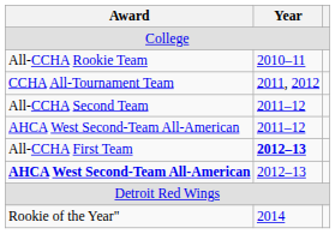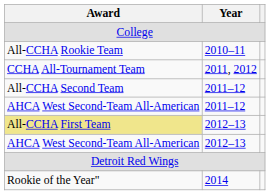 <table class="wikitable">
 <tr>
 <th>Award</th>
 <th>Year</th>
 <th></th>
 </tr>
 <tr ALIGN="center" bgcolor="#e0e0e0">
 <td colspan="3"><a href='#'>College</a></td>
 </tr>
 <tr>
 <td>All-<a href='#'>CCHA</a> <a href='#'>Rookie Team</a></td>
 <td><a href='#'>2010–11</a></td>
 <td></td>
 </tr>
 <tr>
 <td><a href='#'>CCHA</a> <a href='#'>All-Tournament Team</a></td>
 <td><a href='#'>2011</a>,  <a href='#'>2012</a></td>
 <td></td>
 </tr>
 <tr>
 <td>All-<a href='#'>CCHA</a> <a href='#'>Second Team</a></td>
 <td><a href='#'>2011–12</a></td>
 <td></td>
 </tr>
 <tr>
 <td><a href='#'>AHCA</a> <a href='#'>West Second-Team All-American</a></td>
 <td><a href='#'>2011–12</a></td>
 <td></td>
 </tr>
 <tr>
-<td>All-<a href='#'>CCHA</a> <a href='#'>First Team</a></td>
-<td><strong><a href='#'>2012–13</a></strong></td>
+<td style="background: khaki;">All-<a href='#'>CCHA</a> <a href='#'>First Team</a></td>
+<td><a href='#'>2012–13</a></td>
 <td></td>
 </tr>
 <tr>
-<td><strong><a href='#'>AHCA</a> <a href='#'>West Second-Team All-American</a></strong></td>
+<td><a href='#'>AHCA</a> <a href='#'>West Second-Team All-American</a></td>
 <td><a href='#'>2012–13</a></td>
 <td></td>
 </tr>
 <tr ALIGN="center" bgcolor="#e0e0e0">
 <td colspan="3"><a href='#'>Detroit Red Wings</a></td>
 </tr>
 <tr>
 <td>Rookie of the Year"</td>
 <td><a href='#'>2014</a></td>
 <td></td>
 </tr>
 </table>
